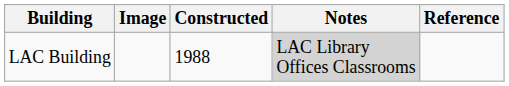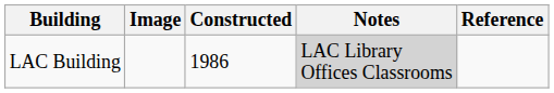 <table class="wikitable">
 <tr>
 <th>Building</th>
 <th>Image</th>
 <th>Constructed</th>
 <th>Notes</th>
 <th>Reference</th>
 </tr>
 <tr>
 <td>LAC Building</td>
 <td></td>
-<td>1988</td>
+<td>1986</td>
 <td style="background: lightgrey;">LAC Library<br>Offices Classrooms</td>
 <td></td>
 </tr>
 </table>
